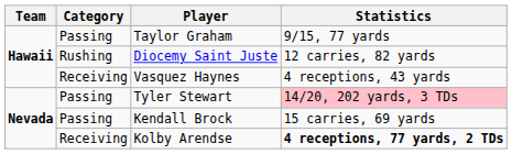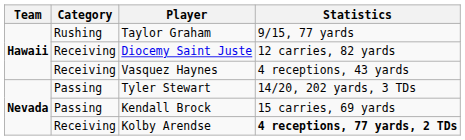 <table class="wikitable" style="float: left;">
 <tr>
 <th>Team</th>
 <th>Category</th>
 <th>Player</th>
 <th>Statistics</th>
 </tr>
 <tr>
 <td rowspan=3><strong>Hawaii</strong></td>
-<td>Passing</td>
+<td>Rushing</td>
 <td>Taylor Graham</td>
 <td>9/15, 77 yards</td>
 </tr>
 <tr>
-<td>Rushing</td>
+<td>Receiving</td>
 <td><a href='#'>Diocemy Saint Juste</a></td>
 <td>12 carries, 82 yards</td>
 </tr>
 <tr>
 <td>Receiving</td>
 <td>Vasquez Haynes</td>
 <td>4 receptions, 43 yards</td>
 </tr>
 <tr>
 <td rowspan=3><strong>Nevada</strong></td>
 <td>Passing</td>
 <td>Tyler Stewart</td>
-<td style="background: pink;">14/20, 202 yards, 3 TDs</td>
+<td>14/20, 202 yards, 3 TDs</td>
 </tr>
 <tr>
 <td>Passing</td>
 <td>Kendall Brock</td>
 <td>15 carries, 69 yards</td>
 </tr>
 <tr>
 <td>Receiving</td>
 <td>Kolby Arendse</td>
 <td><strong>4 receptions, 77 yards, 2 TDs</strong></td>
 </tr>
 </table>
